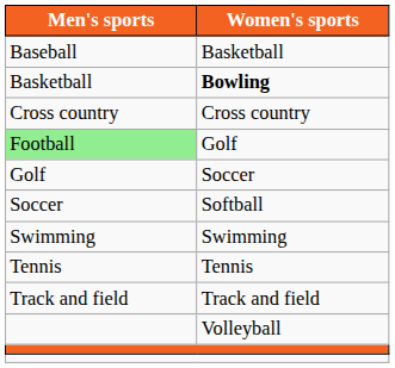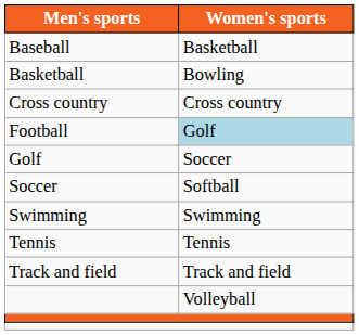 <table class="wikitable"; style= "text-align: ">
 <tr>
 <th width= 150px style="background:#F36221; color:white; border:1px solid black">Men's sports</th>
 <th width= 150px style="background:#F36221; color:white; border:1px solid black">Women's sports</th>
 </tr>
 <tr>
 <td>Baseball</td>
 <td>Basketball</td>
 </tr>
 <tr>
 <td>Basketball</td>
-<td><strong>Bowling</strong></td>
+<td>Bowling</td>
 </tr>
 <tr>
 <td>Cross country</td>
 <td>Cross country</td>
 </tr>
 <tr>
-<td style="background: lightgreen;">Football</td>
-<td>Golf</td>
+<td>Football</td>
+<td style="background: lightblue;">Golf</td>
 </tr>
 <tr>
 <td>Golf</td>
 <td>Soccer</td>
 </tr>
 <tr>
 <td>Soccer</td>
 <td>Softball</td>
 </tr>
 <tr>
 <td>Swimming</td>
 <td>Swimming</td>
 </tr>
 <tr>
 <td>Tennis</td>
 <td>Tennis</td>
 </tr>
 <tr>
 <td>Track and field</td>
 <td>Track and field</td>
 </tr>
 <tr>
 <td></td>
 <td>Volleyball</td>
 </tr>
 <tr>
 <th colspan=2 width= 150px style="background:#F36221; color:white; border:1px solid black"></th>
 </tr>
 <tr>
 <td colspan=2></td>
 </tr>
 </table>
